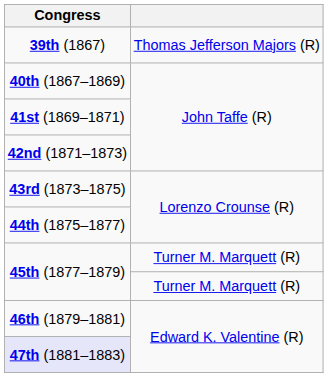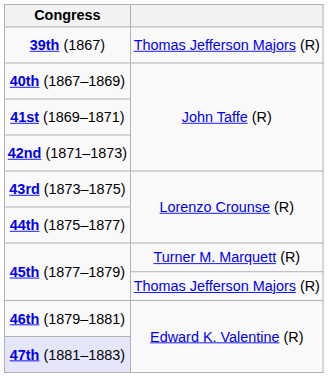 <table class=wikitable style="text-align:center">
 <tr>
 <th>Congress</th>
 <th></th>
 </tr>
 <tr style="height:2.5em">
 <td><strong><a href='#'>39th</a></strong> (1867)</td>
 <td><a href='#'>Thomas Jefferson Majors</a> (R)</td>
 </tr>
 <tr style="height:2.5em">
 <td><strong><a href='#'>40th</a></strong> (1867–1869)</td>
 <td rowspan=3 ><a href='#'>John Taffe</a> (R)</td>
 </tr>
 <tr style="height:2.5em">
 <td><strong><a href='#'>41st</a></strong> (1869–1871)</td>
 </tr>
 <tr style="height:2.5em">
 <td><strong><a href='#'>42nd</a></strong> (1871–1873)</td>
 </tr>
 <tr style="height:2.5em">
 <td><strong><a href='#'>43rd</a></strong> (1873–1875)</td>
 <td rowspan=2 ><a href='#'>Lorenzo Crounse</a> (R)</td>
 </tr>
 <tr style="height:2.5em">
 <td><strong><a href='#'>44th</a></strong> (1875–1877)</td>
 </tr>
 <tr style="height:2em">
 <td rowspan=2><strong><a href='#'>45th</a></strong> (1877–1879)</td>
 <td><a href='#'>Turner M. Marquett</a> (R)</td>
 </tr>
 <tr style="height:2em">
-<td><a href='#'>Turner M. Marquett</a> (R)</td>
+<td><a href='#'>Thomas Jefferson Majors</a> (R)</td>
 </tr>
 <tr style="height:2.5em">
 <td><strong><a href='#'>46th</a></strong> (1879–1881)</td>
 <td rowspan=2 ><a href='#'>Edward K. Valentine</a> (R)</td>
 </tr>
 <tr style="height:2.5em">
 <td style="background: lavender;"><strong><a href='#'>47th</a></strong> (1881–1883)</td>
 </tr>
 </table>
